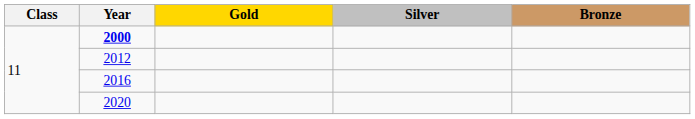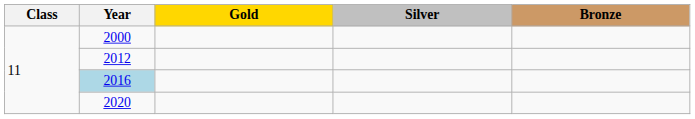 <table class="wikitable">
 <tr>
 <th width=80>Class</th>
 <th width=80>Year</th>
 <td width=200 align=center bgcolor=gold><strong>Gold</strong></td>
 <td width=200 align=center bgcolor=silver><strong>Silver</strong></td>
 <td width=200 align=center bgcolor=cc9966><strong>Bronze</strong></td>
 </tr>
 <tr>
 <td rowspan=4>11</td>
-<td align=center><strong><a href='#'>2000</a></strong></td>
+<td align=center><a href='#'>2000</a></td>
 <td></td>
 <td></td>
 <td></td>
 </tr>
 <tr>
 <td align=center><a href='#'>2012</a></td>
 <td></td>
 <td></td>
 <td></td>
 </tr>
 <tr>
-<td align=center><a href='#'>2016</a></td>
+<td align=center style="background: lightblue;"><a href='#'>2016</a></td>
 <td></td>
 <td></td>
 <td></td>
 </tr>
 <tr>
 <td align=center><a href='#'>2020</a></td>
 <td></td>
 <td></td>
 <td><br></td>
 </tr>
 </table>
